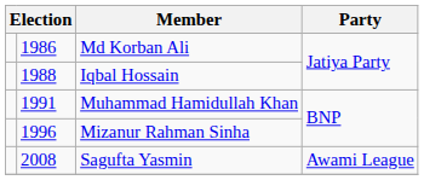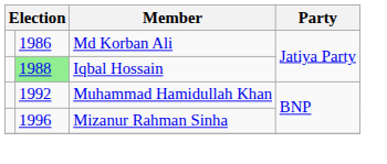 <table class="wikitable">
 <tr>
 <th colspan="2">Election</th>
 <th>Member</th>
 <th>Party</th>
 </tr>
 <tr>
 <td style="background-color:"></td>
 <td><a href='#'>1986</a></td>
 <td><a href='#'>Md Korban Ali</a></td>
 <td rowspan="2"><a href='#'>Jatiya Party</a></td>
 </tr>
 <tr>
 <td style="background-color:"></td>
-<td><a href='#'>1988</a></td>
+<td style="background: lightgreen;"><a href='#'>1988</a></td>
 <td><a href='#'>Iqbal Hossain</a></td>
 </tr>
 <tr>
 <td style="background-color:"></td>
-<td><a href='#'>1991</a></td>
+<td><a href='#'>1992</a></td>
 <td><a href='#'>Muhammad Hamidullah Khan</a></td>
 <td rowspan="2"><a href='#'>BNP</a></td>
 </tr>
 <tr>
 <td style="background-color:"></td>
 <td><a href='#'>1996</a></td>
 <td><a href='#'>Mizanur Rahman Sinha</a></td>
 </tr>
 <tr>
-<td style="background-color:"></td>
-<td><a href='#'>2008</a></td>
-<td><a href='#'>Sagufta Yasmin</a></td>
-<td><a href='#'>Awami League</a></td>
-</tr>
-<tr>
 </tr>
 </table>
